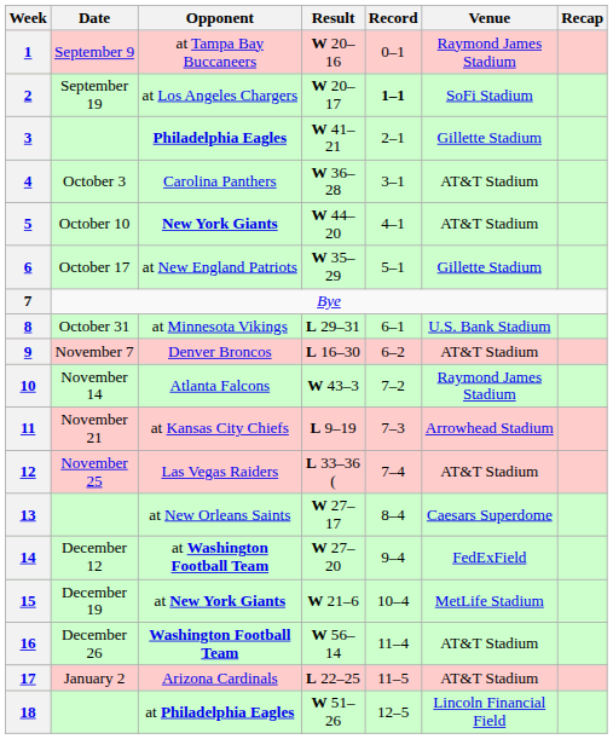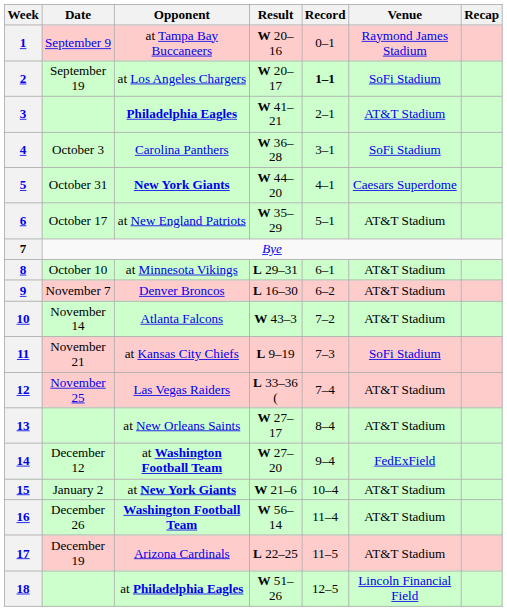 <table class="wikitable" style="text-align:center">
 <tr>
 <th>Week</th>
 <th>Date</th>
 <th>Opponent</th>
 <th>Result</th>
 <th>Record</th>
 <th>Venue</th>
 <th>Recap</th>
 </tr>
 <tr style="background:#fcc">
 <th><a href='#'>1</a></th>
 <td><a href='#'>September 9</a></td>
 <td>at <a href='#'>Tampa Bay Buccaneers</a></td>
 <td><strong>W</strong> 20–16</td>
 <td>0–1</td>
 <td><a href='#'>Raymond James Stadium</a></td>
 <td></td>
 </tr>
 <tr style="background:#cfc">
 <th><a href='#'>2</a></th>
 <td>September 19</td>
 <td>at <a href='#'>Los Angeles Chargers</a></td>
 <td><strong>W</strong> 20–17</td>
 <td><strong>1–1</strong></td>
 <td><a href='#'>SoFi Stadium</a></td>
 <td></td>
 </tr>
 <tr style="background:#cfc">
 <th><a href='#'>3</a></th>
 <td></td>
 <td><strong><a href='#'>Philadelphia Eagles</a></strong></td>
 <td><strong>W</strong> 41–21</td>
 <td>2–1</td>
-<td><a href='#'>Gillette Stadium</a></td>
+<td><a href='#'>AT&T Stadium</a></td>
 <td></td>
 </tr>
 <tr style="background:#cfc">
 <th><a href='#'>4</a></th>
 <td>October 3</td>
 <td><a href='#'>Carolina Panthers</a></td>
 <td><strong>W</strong> 36–28</td>
 <td>3–1</td>
-<td>AT&T Stadium</td>
+<td><a href='#'>SoFi Stadium</a></td>
 <td></td>
 </tr>
 <tr style="background:#cfc">
 <th><a href='#'>5</a></th>
-<td>October 10</td>
+<td>October 31</td>
 <td><strong><a href='#'>New York Giants</a></strong></td>
 <td><strong>W</strong> 44–20</td>
 <td>4–1</td>
-<td>AT&T Stadium</td>
+<td><a href='#'>Caesars Superdome</a></td>
 <td></td>
 </tr>
 <tr style="background:#cfc">
 <th><a href='#'>6</a></th>
 <td>October 17</td>
 <td>at <a href='#'>New England Patriots</a></td>
 <td><strong>W</strong> 35–29 </td>
 <td>5–1</td>
-<td><a href='#'>Gillette Stadium</a></td>
+<td>AT&T Stadium</td>
 <td></td>
 </tr>
 <tr>
 <th>7</th>
 <td colspan="6"><em><a href='#'>Bye</a></em></td>
 </tr>
 <tr style="background:#cfc">
 <th><a href='#'>8</a></th>
-<td>October 31</td>
+<td>October 10</td>
 <td>at <a href='#'>Minnesota Vikings</a></td>
 <td><strong>L</strong> 29–31</td>
 <td>6–1</td>
-<td><a href='#'>U.S. Bank Stadium</a></td>
+<td>AT&T Stadium</td>
 <td></td>
 </tr>
 <tr style="background:#fcc">
 <th><a href='#'>9</a></th>
 <td>November 7</td>
 <td><a href='#'>Denver Broncos</a></td>
 <td><strong>L</strong> 16–30</td>
 <td>6–2</td>
 <td>AT&T Stadium</td>
 <td></td>
 </tr>
 <tr style="background:#cfc">
 <th><a href='#'>10</a></th>
 <td>November 14</td>
 <td><a href='#'>Atlanta Falcons</a></td>
 <td><strong>W</strong> 43–3</td>
 <td>7–2</td>
-<td><a href='#'>Raymond James Stadium</a></td>
+<td>AT&T Stadium</td>
 <td></td>
 </tr>
 <tr style="background:#fcc">
 <th><a href='#'>11</a></th>
 <td>November 21</td>
 <td>at <a href='#'>Kansas City Chiefs</a></td>
 <td><strong>L</strong> 9–19</td>
 <td>7–3</td>
-<td><a href='#'>Arrowhead Stadium</a></td>
+<td><a href='#'>SoFi Stadium</a></td>
 <td></td>
 </tr>
 <tr style="background:#fcc">
 <th><a href='#'>12</a></th>
 <td><a href='#'>November 25</a></td>
 <td><a href='#'>Las Vegas Raiders</a></td>
 <td><strong>L</strong> 33–36 (</td>
 <td>7–4</td>
 <td>AT&T Stadium</td>
 <td></td>
 </tr>
 <tr style="background:#cfc">
 <th><a href='#'>13</a></th>
 <td></td>
 <td>at <a href='#'>New Orleans Saints</a></td>
 <td><strong>W</strong> 27–17</td>
 <td>8–4</td>
-<td><a href='#'>Caesars Superdome</a></td>
+<td>AT&T Stadium</td>
 <td></td>
 </tr>
 <tr style="background:#cfc">
 <th><a href='#'>14</a></th>
 <td>December 12</td>
 <td>at <strong><a href='#'>Washington Football Team</a></strong></td>
 <td><strong>W</strong> 27–20</td>
 <td>9–4</td>
 <td><a href='#'>FedExField</a></td>
 <td></td>
 </tr>
 <tr style="background:#cfc">
 <th><a href='#'>15</a></th>
-<td>December 19</td>
+<td>January 2</td>
 <td>at <strong><a href='#'>New York Giants</a></strong></td>
 <td><strong>W</strong> 21–6</td>
 <td>10–4</td>
-<td><a href='#'>MetLife Stadium</a></td>
+<td>AT&T Stadium</td>
 <td></td>
 </tr>
 <tr style="background:#cfc">
 <th><a href='#'>16</a></th>
 <td>December 26</td>
 <td><strong><a href='#'>Washington Football Team</a></strong></td>
 <td><strong>W</strong> 56–14</td>
 <td>11–4</td>
 <td>AT&T Stadium</td>
 <td></td>
 </tr>
 <tr style="background:#fcc">
 <th><a href='#'>17</a></th>
-<td>January 2</td>
+<td>December 19</td>
 <td><a href='#'>Arizona Cardinals</a></td>
 <td><strong>L</strong> 22–25</td>
 <td>11–5</td>
 <td>AT&T Stadium</td>
 <td></td>
 </tr>
 <tr style="background:#cfc">
 <th><a href='#'>18</a></th>
 <td></td>
 <td>at <strong><a href='#'>Philadelphia Eagles</a></strong></td>
 <td><strong>W</strong> 51–26</td>
 <td>12–5</td>
 <td><a href='#'>Lincoln Financial Field</a></td>
 <td></td>
 </tr>
 </table>
